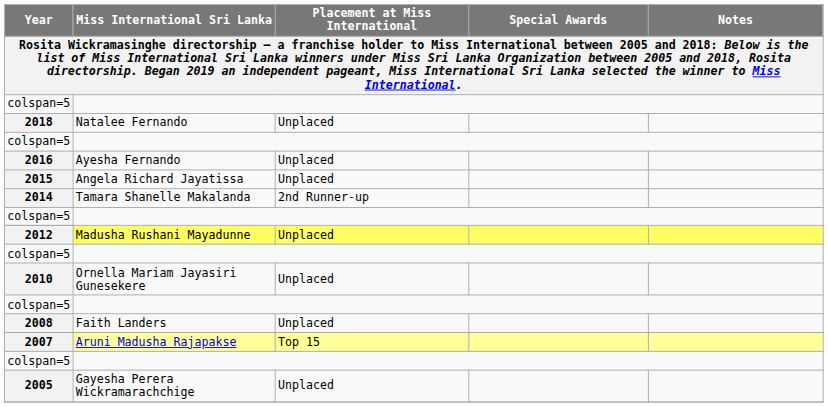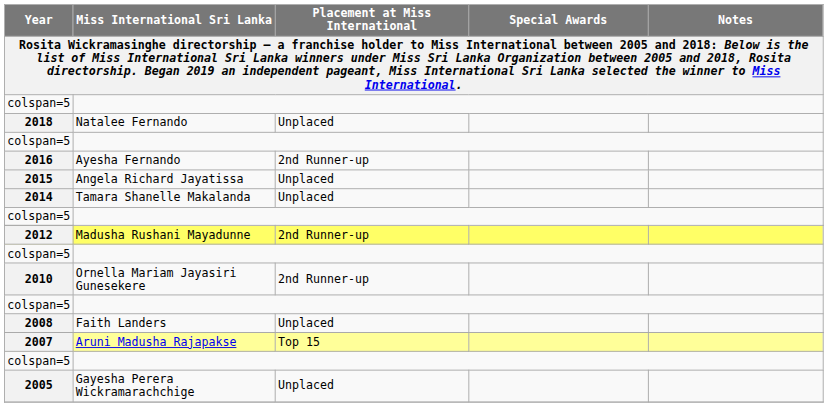 <table class="wikitable " style="font-size: 95%;">
 <tr>
 <th width="60" style="background-color:#787878;color:#FFFFFF;">Year</th>
 <th width="250" style="background-color:#787878;color:#FFFFFF;">Miss International Sri Lanka</th>
 <th width="250" style="background-color:#787878;color:#FFFFFF;">Placement at Miss International</th>
 <th width="250" style="background-color:#787878;color:#FFFFFF;">Special Awards</th>
 <th width="250" style="background-color:#787878;color:#FFFFFF;">Notes</th>
 </tr>
 <tr>
 <th colspan="6">Rosita Wickramasinghe directorship — a franchise holder to Miss International between 2005 and 2018: <em>Below is the list of Miss International Sri Lanka winners under Miss Sri Lanka Organization between 2005 and 2018, Rosita directorship. Began 2019 an independent pageant, Miss International Sri Lanka selected the winner to <a href='#'>Miss International</a>.</em></th>
 </tr>
 <tr>
 <td>colspan=5 </td>
 </tr>
 <tr>
 <th>2018</th>
 <td>Natalee Fernando</td>
 <td>Unplaced</td>
 <td></td>
 <td></td>
 </tr>
 <tr>
 <td>colspan=5 </td>
 </tr>
 <tr>
 <th>2016</th>
 <td>Ayesha Fernando</td>
-<td>Unplaced</td>
+<td>2nd Runner-up</td>
 <td></td>
 <td></td>
 </tr>
 <tr>
 <th>2015</th>
 <td>Angela Richard Jayatissa</td>
 <td>Unplaced</td>
 <td></td>
 <td></td>
 </tr>
 <tr>
 <th>2014</th>
 <td>Tamara Shanelle Makalanda</td>
-<td>2nd Runner-up</td>
+<td>Unplaced</td>
 <td></td>
 <td></td>
 </tr>
 <tr>
 <td>colspan=5 </td>
 </tr>
 <tr>
 </tr>
 <tr style="background-color:#FFFF66;">
 <th>2012</th>
 <td>Madusha Rushani Mayadunne</td>
-<td>Unplaced</td>
+<td>2nd Runner-up</td>
 <td></td>
 <td></td>
 </tr>
 <tr>
 <td>colspan=5 </td>
 </tr>
 <tr>
 <th>2010</th>
 <td>Ornella Mariam Jayasiri Gunesekere</td>
-<td>Unplaced</td>
+<td>2nd Runner-up</td>
 <td></td>
 <td></td>
 </tr>
 <tr>
 <td>colspan=5 </td>
 </tr>
 <tr>
 <th>2008</th>
 <td>Faith Landers</td>
 <td>Unplaced</td>
 <td></td>
 <td></td>
 </tr>
 <tr>
 </tr>
 <tr style="background-color:#FFFF99;">
 <th>2007</th>
 <td><a href='#'>Aruni Madusha Rajapakse</a></td>
 <td>Top 15</td>
 <td></td>
 <td></td>
 </tr>
 <tr>
 <td>colspan=5 </td>
 </tr>
 <tr>
 <th>2005</th>
 <td>Gayesha Perera Wickramarachchige</td>
 <td>Unplaced</td>
 <td></td>
 <td></td>
 </tr>
 <tr>
 </tr>
 </table>
